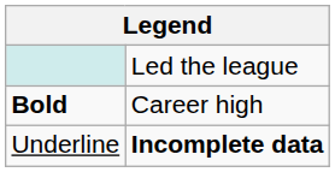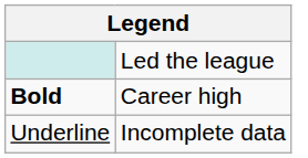 <table class="wikitable">
 <tr>
 <th colspan="2">Legend</th>
 </tr>
 <tr>
 <td style="background:#cfecec; width:3em;"></td>
 <td>Led the league</td>
 </tr>
 <tr>
 <td style="width:3em;"><strong>Bold</strong></td>
 <td>Career high</td>
 </tr>
 <tr>
 <td style="width:3em;"><u>Underline</u></td>
-<td><strong>Incomplete data</strong></td>
+<td>Incomplete data</td>
 </tr>
 </table>
